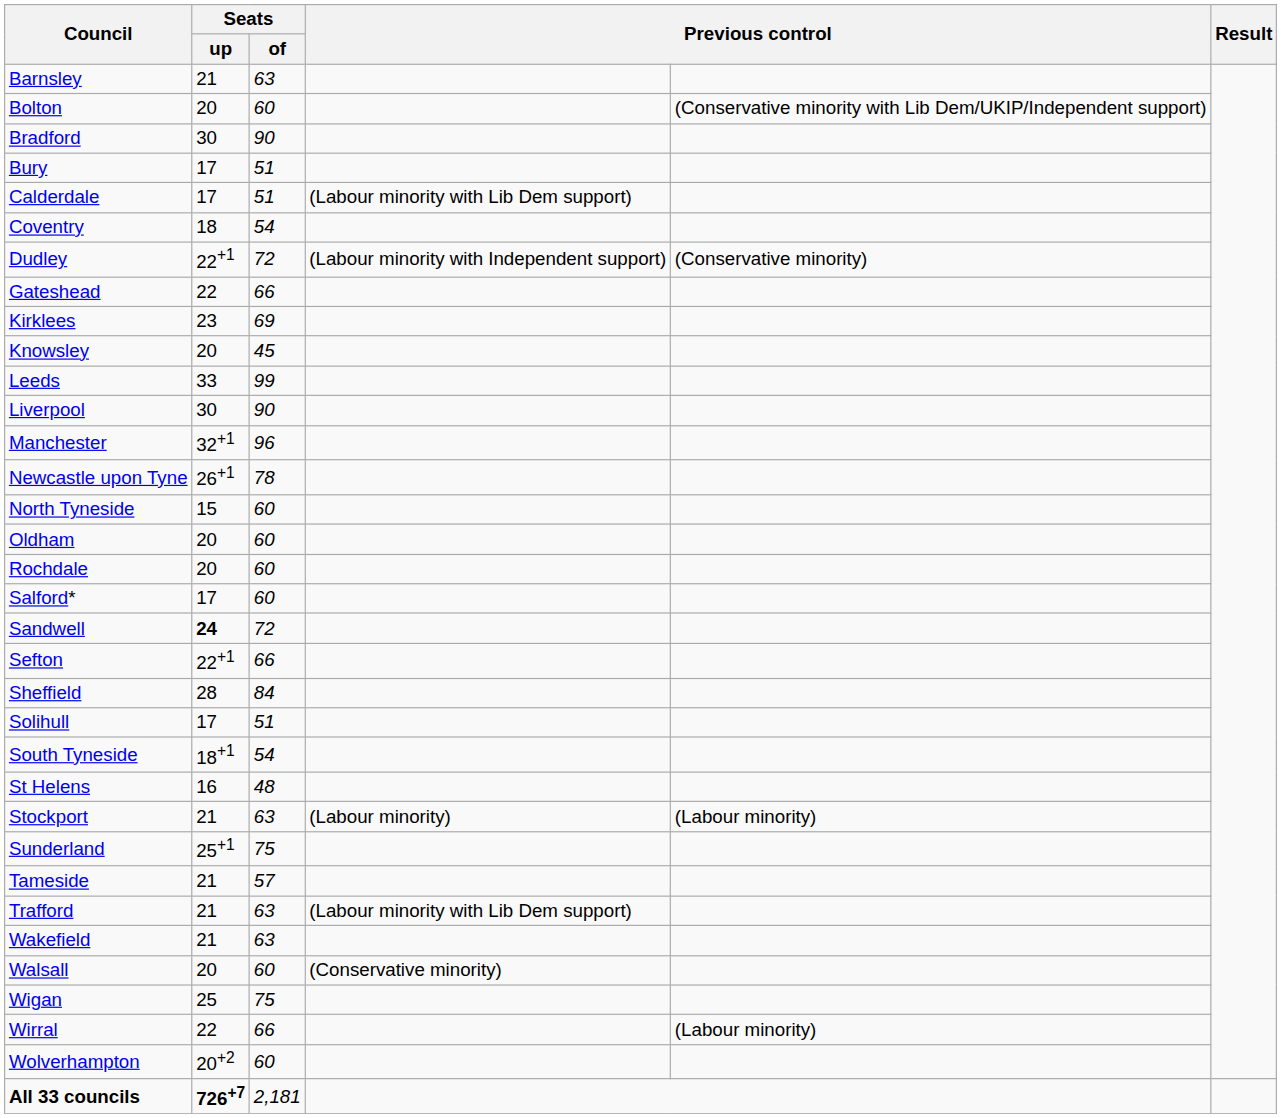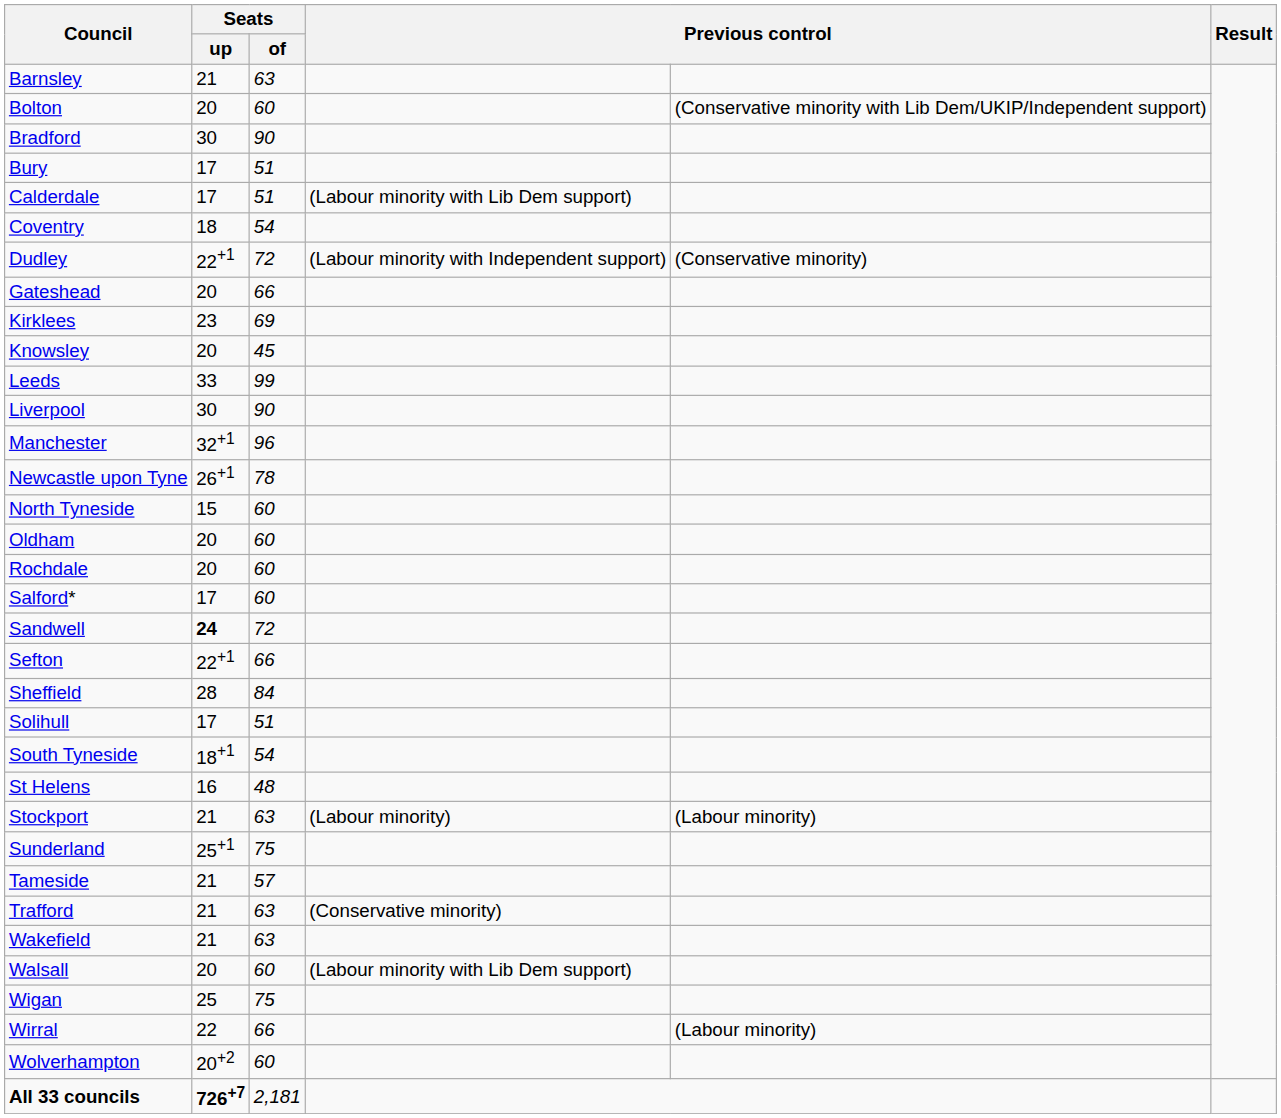 <table class="wikitable sortable" style="valign:top">
 <tr>
 <th rowspan="2">Council</th>
 <th colspan="2">Seats</th>
 <th colspan="2" rowspan="2">Previous control</th>
 <th colspan="2" rowspan="2">Result</th>
 </tr>
 <tr>
 <th>up</th>
 <th>of</th>
 </tr>
 <tr>
 <td><a href='#'>Barnsley</a></td>
 <td>21</td>
 <td><em>63</em></td>
 <td></td>
 <td></td>
 </tr>
 <tr>
 <td><a href='#'>Bolton</a></td>
 <td>20</td>
 <td><em>60</em></td>
 <td></td>
 <td> (Conservative minority with Lib Dem/UKIP/Independent support)</td>
 </tr>
 <tr>
 <td><a href='#'>Bradford</a></td>
 <td>30</td>
 <td><em>90</em></td>
 <td></td>
 <td></td>
 </tr>
 <tr>
 <td><a href='#'>Bury</a></td>
 <td>17</td>
 <td><em>51</em></td>
 <td></td>
 <td></td>
 </tr>
 <tr>
 <td><a href='#'>Calderdale</a></td>
 <td>17</td>
 <td><em>51</em></td>
 <td> (Labour minority with Lib Dem support)</td>
 <td></td>
 </tr>
 <tr>
 <td><a href='#'>Coventry</a></td>
 <td>18</td>
 <td><em>54</em></td>
 <td></td>
 <td></td>
 </tr>
 <tr>
 <td><a href='#'>Dudley</a></td>
 <td>22<sup>+1</sup></td>
 <td><em>72</em></td>
 <td> (Labour minority with Independent support)</td>
 <td> (Conservative minority)</td>
 </tr>
 <tr>
 <td><a href='#'>Gateshead</a></td>
-<td>22</td>
+<td>20</td>
 <td><em>66</em></td>
 <td></td>
 <td></td>
 </tr>
 <tr>
 <td><a href='#'>Kirklees</a></td>
 <td>23</td>
 <td><em>69</em></td>
 <td></td>
 <td></td>
 </tr>
 <tr>
 <td><a href='#'>Knowsley</a></td>
 <td>20</td>
 <td><em>45</em></td>
 <td></td>
 <td></td>
 </tr>
 <tr>
 <td><a href='#'>Leeds</a></td>
 <td>33</td>
 <td><em>99</em></td>
 <td></td>
 <td></td>
 </tr>
 <tr>
 <td><a href='#'>Liverpool</a></td>
 <td>30</td>
 <td><em>90</em></td>
 <td></td>
 <td></td>
 </tr>
 <tr>
 <td><a href='#'>Manchester</a></td>
 <td>32<sup>+1</sup></td>
 <td><em>96</em></td>
 <td></td>
 <td></td>
 </tr>
 <tr>
 <td><a href='#'>Newcastle upon Tyne</a></td>
 <td>26<sup>+1</sup></td>
 <td><em>78</em></td>
 <td></td>
 <td></td>
 </tr>
 <tr>
 <td><a href='#'>North Tyneside</a></td>
 <td>15</td>
 <td><em>60</em></td>
 <td></td>
 <td></td>
 </tr>
 <tr>
 <td><a href='#'>Oldham</a></td>
 <td>20</td>
 <td><em>60</em></td>
 <td></td>
 <td></td>
 </tr>
 <tr>
 <td><a href='#'>Rochdale</a></td>
 <td>20</td>
 <td><em>60</em></td>
 <td></td>
 <td></td>
 </tr>
 <tr>
 <td><a href='#'>Salford</a>* </td>
 <td>17</td>
 <td><em>60</em></td>
 <td></td>
 <td></td>
 </tr>
 <tr>
 <td><a href='#'>Sandwell</a></td>
 <td><strong>24</strong></td>
 <td><em>72</em></td>
 <td></td>
 <td></td>
 </tr>
 <tr>
 <td><a href='#'>Sefton</a></td>
 <td>22<sup>+1</sup></td>
 <td><em>66</em></td>
 <td></td>
 <td></td>
 </tr>
 <tr>
 <td><a href='#'>Sheffield</a></td>
 <td>28</td>
 <td><em>84</em></td>
 <td></td>
 <td></td>
 </tr>
 <tr>
 <td><a href='#'>Solihull</a></td>
 <td>17</td>
 <td><em>51</em></td>
 <td></td>
 <td></td>
 </tr>
 <tr>
 <td><a href='#'>South Tyneside</a></td>
 <td>18<sup>+1</sup></td>
 <td><em>54</em></td>
 <td></td>
 <td></td>
 </tr>
 <tr>
 <td><a href='#'>St Helens</a></td>
 <td>16</td>
 <td><em>48</em></td>
 <td></td>
 <td></td>
 </tr>
 <tr>
 <td><a href='#'>Stockport</a></td>
 <td>21</td>
 <td><em>63</em></td>
 <td> (Labour minority)</td>
 <td> (Labour minority)</td>
 </tr>
 <tr>
 <td><a href='#'>Sunderland</a></td>
 <td>25<sup>+1</sup></td>
 <td><em>75</em></td>
 <td></td>
 <td></td>
 </tr>
 <tr>
 <td><a href='#'>Tameside</a></td>
 <td>21</td>
 <td><em>57</em></td>
 <td></td>
 <td></td>
 </tr>
 <tr>
 <td><a href='#'>Trafford</a></td>
 <td>21</td>
 <td><em>63</em></td>
-<td> (Labour minority with Lib Dem support)</td>
+<td> (Conservative minority)</td>
 <td></td>
 </tr>
 <tr>
 <td><a href='#'>Wakefield</a></td>
 <td>21</td>
 <td><em>63</em></td>
 <td></td>
 <td></td>
 </tr>
 <tr>
 <td><a href='#'>Walsall</a></td>
 <td>20</td>
 <td><em>60</em></td>
-<td> (Conservative minority)</td>
+<td> (Labour minority with Lib Dem support)</td>
 <td></td>
 </tr>
 <tr>
 <td><a href='#'>Wigan</a></td>
 <td>25</td>
 <td><em>75</em></td>
 <td></td>
 <td></td>
 </tr>
 <tr>
 <td><a href='#'>Wirral</a></td>
 <td>22</td>
 <td><em>66</em></td>
 <td></td>
 <td> (Labour minority)</td>
 </tr>
 <tr>
 <td><a href='#'>Wolverhampton</a></td>
 <td>20<sup>+2</sup></td>
 <td><em>60</em></td>
 <td></td>
 <td></td>
 </tr>
 <tr>
 <td><strong>All 33 councils</strong></td>
 <td><strong>726<sup>+7</sup></strong></td>
 <td><em>2,181</em></td>
 <td colspan="2"></td>
 <td></td>
 </tr>
 </table>
